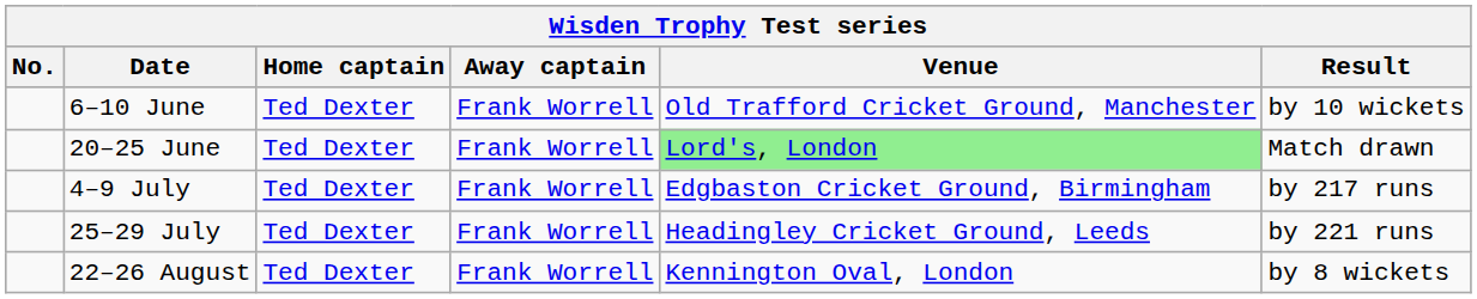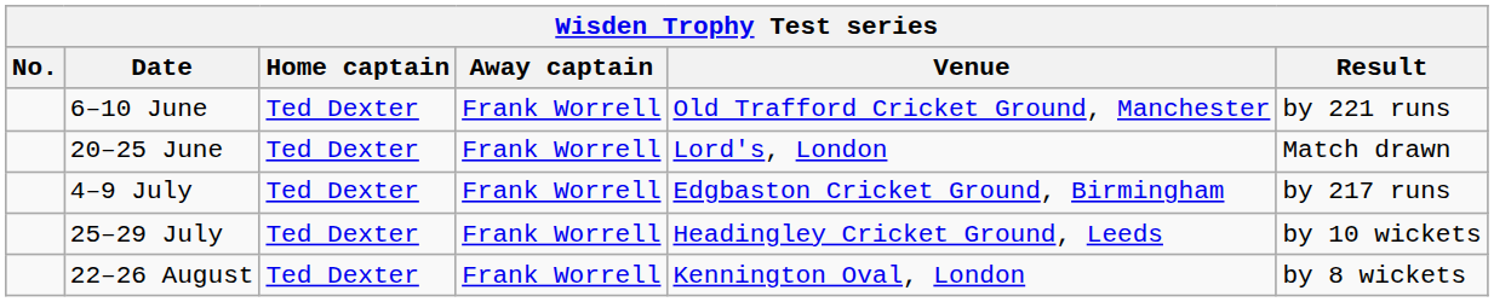 <table class="wikitable">
 <tr>
 <th colspan="9"><a href='#'>Wisden Trophy</a> Test series</th>
 </tr>
 <tr>
 <th>No.</th>
 <th>Date</th>
 <th>Home captain</th>
 <th>Away captain</th>
 <th>Venue</th>
 <th>Result</th>
 </tr>
 <tr>
 <td></td>
 <td>6–10 June</td>
 <td><a href='#'>Ted Dexter</a></td>
 <td><a href='#'>Frank Worrell</a></td>
 <td><a href='#'>Old Trafford Cricket Ground</a>, <a href='#'>Manchester</a></td>
-<td> by 10 wickets</td>
+<td> by 221 runs</td>
 </tr>
 <tr>
 <td></td>
 <td>20–25 June</td>
 <td><a href='#'>Ted Dexter</a></td>
 <td><a href='#'>Frank Worrell</a></td>
-<td style="background: lightgreen;"><a href='#'>Lord's</a>, <a href='#'>London</a></td>
+<td><a href='#'>Lord's</a>, <a href='#'>London</a></td>
 <td>Match drawn</td>
 </tr>
 <tr>
 <td></td>
 <td>4–9 July</td>
 <td><a href='#'>Ted Dexter</a></td>
 <td><a href='#'>Frank Worrell</a></td>
 <td><a href='#'>Edgbaston Cricket Ground</a>, <a href='#'>Birmingham</a></td>
 <td> by 217 runs</td>
 </tr>
 <tr>
 <td></td>
 <td>25–29 July</td>
 <td><a href='#'>Ted Dexter</a></td>
 <td><a href='#'>Frank Worrell</a></td>
 <td><a href='#'>Headingley Cricket Ground</a>, <a href='#'>Leeds</a></td>
-<td> by 221 runs</td>
+<td> by 10 wickets</td>
 </tr>
 <tr>
 <td></td>
 <td>22–26 August</td>
 <td><a href='#'>Ted Dexter</a></td>
 <td><a href='#'>Frank Worrell</a></td>
 <td><a href='#'>Kennington Oval</a>, <a href='#'>London</a></td>
 <td> by 8 wickets</td>
 </tr>
 </table>
